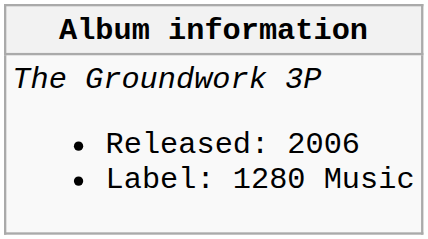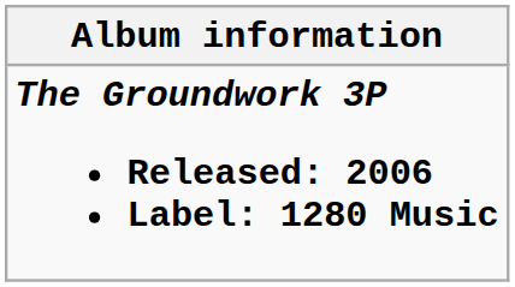 <table class="wikitable">
 <tr>
 <th>Album information</th>
 </tr>
 <tr>
-<td><em>The Groundwork 3P</em><br><ul><li>Released: 2006</li><li>Label: 1280 Music</li></ul></td>
+<td><strong><em>The Groundwork 3P</em><br><ul><li>Released: 2006</li><li>Label: 1280 Music</li></ul></strong></td>
 </tr>
 </table>
